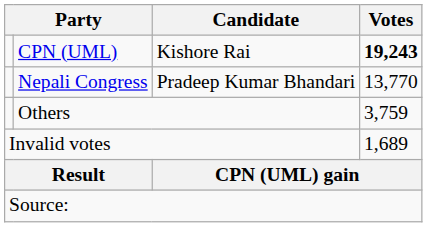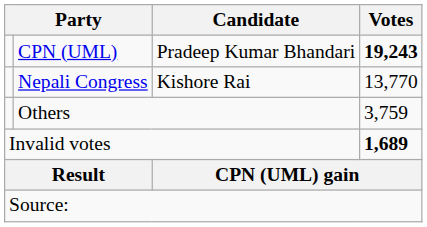 <table class="wikitable">
 <tr>
 <th colspan="2">Party</th>
 <th>Candidate</th>
 <th>Votes</th>
 </tr>
 <tr>
 <td style="background-color:"></td>
 <td><a href='#'>CPN (UML)</a></td>
-<td>Kishore Rai</td>
+<td>Pradeep Kumar Bhandari</td>
 <td><strong>19,243</strong></td>
 </tr>
 <tr>
 <td style="background-color:"></td>
 <td><a href='#'>Nepali Congress</a></td>
-<td>Pradeep Kumar Bhandari</td>
+<td>Kishore Rai</td>
 <td>13,770</td>
 </tr>
 <tr>
 <td></td>
 <td colspan="2">Others</td>
 <td>3,759</td>
 </tr>
 <tr>
 <td colspan="3">Invalid votes</td>
-<td>1,689</td>
+<td><strong>1,689</strong></td>
 </tr>
 <tr>
 <th colspan="2">Result</th>
 <th colspan="2">CPN (UML) gain</th>
 </tr>
 <tr>
 <td colspan="4">Source: </td>
 </tr>
 </table>
